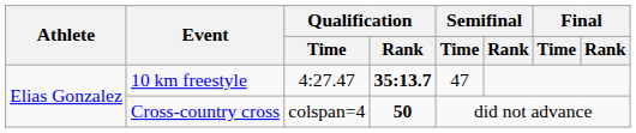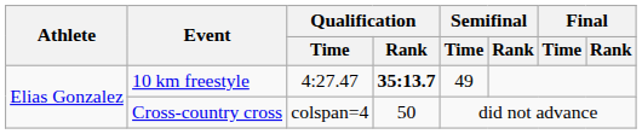 <table class="wikitable" style="font-size:90%">
 <tr>
 <th rowspan="2">Athlete</th>
 <th rowspan="2">Event</th>
 <th colspan="2">Qualification</th>
 <th colspan="2">Semifinal</th>
 <th colspan="2">Final</th>
 </tr>
 <tr style="font-size:95%">
 <th>Time</th>
 <th>Rank</th>
 <th>Time</th>
 <th>Rank</th>
 <th>Time</th>
 <th>Rank</th>
 </tr>
 <tr align=center>
 <td align=left rowspan=2><a href='#'>Elias Gonzalez</a></td>
 <td align=left><a href='#'>10 km freestyle</a></td>
 <td>4:27.47</td>
 <td><strong>35:13.7</strong></td>
-<td>47</td>
+<td>49</td>
 </tr>
 <tr align=center>
 <td align=left><a href='#'>Cross-country cross</a></td>
 <td>colspan=4 </td>
-<td><strong>50</strong></td>
+<td>50</td>
 <td colspan=4>did not advance</td>
 </tr>
 </table>
